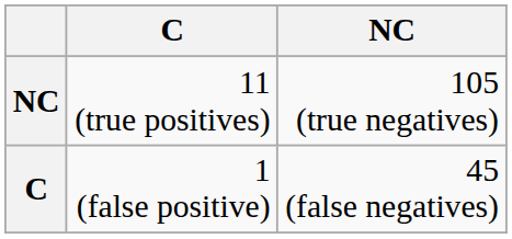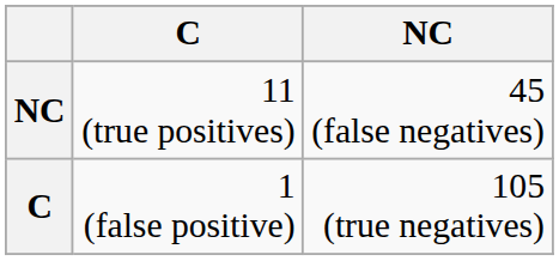 <table class="wikitable" style="text-align: right;">
 <tr>
 <th></th>
 <th>C</th>
 <th>NC</th>
 </tr>
 <tr>
 <th>NC</th>
 <td>11<br>(true positives)</td>
-<td>105<br>(true negatives)</td>
+<td>45<br>(false negatives)</td>
 </tr>
 <tr>
 <th>C</th>
 <td>1<br>(false positive)</td>
-<td>45<br>(false negatives)</td>
+<td>105<br>(true negatives)</td>
 </tr>
 </table>
